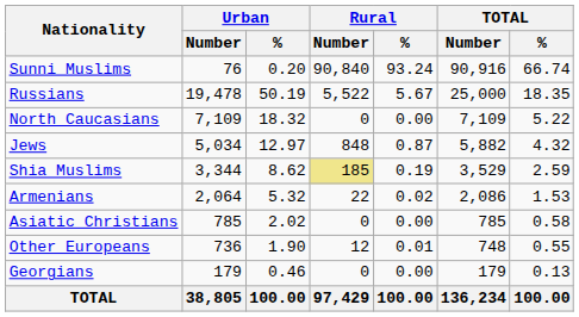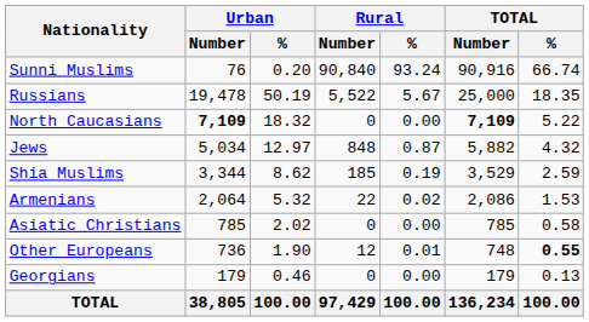 <table class="wikitable sortable">
 <tr>
 <th rowspan="2">Nationality</th>
 <th colspan="2"><a href='#'>Urban</a></th>
 <th colspan="2"><a href='#'>Rural</a></th>
 <th colspan="2">TOTAL</th>
 </tr>
 <tr>
 <th>Number</th>
 <th>%</th>
 <th>Number</th>
 <th>%</th>
 <th>Number</th>
 <th>%</th>
 </tr>
 <tr>
 <td><a href='#'>Sunni Muslims</a></td>
 <td align="right">76</td>
 <td align="right">0.20</td>
 <td align="right">90,840</td>
 <td align="right">93.24</td>
 <td align="right">90,916</td>
 <td align="right">66.74</td>
 </tr>
 <tr>
 <td><a href='#'>Russians</a></td>
 <td align="right">19,478</td>
 <td align="right">50.19</td>
 <td align="right">5,522</td>
 <td align="right">5.67</td>
 <td align="right">25,000</td>
 <td align="right">18.35</td>
 </tr>
 <tr>
 <td><a href='#'>North Caucasians</a></td>
-<td align="right">7,109</td>
+<td align="right"><strong>7,109</strong></td>
 <td align="right">18.32</td>
 <td align="right">0</td>
 <td align="right">0.00</td>
-<td align="right">7,109</td>
+<td align="right"><strong>7,109</strong></td>
 <td align="right">5.22</td>
 </tr>
 <tr>
 <td><a href='#'>Jews</a></td>
 <td align="right">5,034</td>
 <td align="right">12.97</td>
 <td align="right">848</td>
 <td align="right">0.87</td>
 <td align="right">5,882</td>
 <td align="right">4.32</td>
 </tr>
 <tr>
 <td><a href='#'>Shia Muslims</a></td>
 <td align="right">3,344</td>
 <td align="right">8.62</td>
-<td align="right" style="background: khaki;">185</td>
+<td align="right">185</td>
 <td align="right">0.19</td>
 <td align="right">3,529</td>
 <td align="right">2.59</td>
 </tr>
 <tr>
 <td><a href='#'>Armenians</a></td>
 <td align="right">2,064</td>
 <td align="right">5.32</td>
 <td align="right">22</td>
 <td align="right">0.02</td>
 <td align="right">2,086</td>
 <td align="right">1.53</td>
 </tr>
 <tr>
 <td><a href='#'>Asiatic Christians</a></td>
 <td align="right">785</td>
 <td align="right">2.02</td>
 <td align="right">0</td>
 <td align="right">0.00</td>
 <td align="right">785</td>
 <td align="right">0.58</td>
 </tr>
 <tr>
 <td><a href='#'>Other Europeans</a></td>
 <td align="right">736</td>
 <td align="right">1.90</td>
 <td align="right">12</td>
 <td align="right">0.01</td>
 <td align="right">748</td>
-<td align="right">0.55</td>
+<td align="right"><strong>0.55</strong></td>
 </tr>
 <tr>
 <td><a href='#'>Georgians</a></td>
 <td align="right">179</td>
 <td align="right">0.46</td>
 <td align="right">0</td>
 <td align="right">0.00</td>
 <td align="right">179</td>
 <td align="right">0.13</td>
 </tr>
 <tr>
 <th>TOTAL</th>
 <th>38,805</th>
 <th>100.00</th>
 <th>97,429</th>
 <th>100.00</th>
 <th>136,234</th>
 <th>100.00</th>
 </tr>
 </table>
